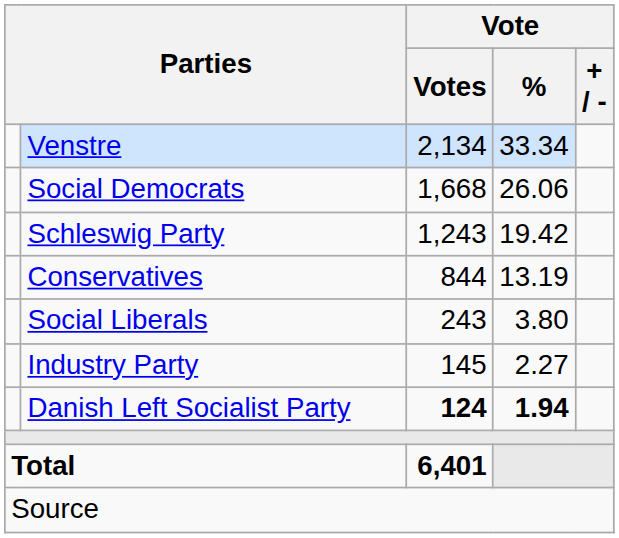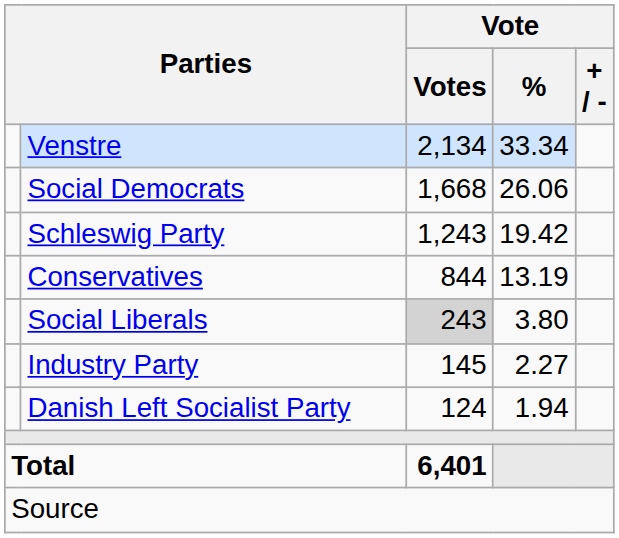 <table class="wikitable" style="text-align:right;">
 <tr>
 <th style="text-align:centre;" rowspan="2" colspan="2" width="225">Parties</th>
 <th colspan="3">Vote</th>
 </tr>
 <tr>
 <th width="15">Votes</th>
 <th width="15">%</th>
 <th width="15">+ / -</th>
 </tr>
 <tr>
 <td width="2" style="color:inherit;background:"></td>
 <td bgcolor=#cfe5fe  align="left"><a href='#'>Venstre</a></td>
 <td bgcolor=#cfe5fe>2,134</td>
 <td bgcolor=#cfe5fe>33.34</td>
 <td></td>
 </tr>
 <tr>
 <td width="2" style="color:inherit;background:"></td>
 <td align="left"><a href='#'>Social Democrats</a></td>
 <td>1,668</td>
 <td>26.06</td>
 <td></td>
 </tr>
 <tr>
 <td width="2" style="color:inherit;background:"></td>
 <td align="left"><a href='#'>Schleswig Party</a></td>
 <td>1,243</td>
 <td>19.42</td>
 <td></td>
 </tr>
 <tr>
 <td width="2" style="color:inherit;background:"></td>
 <td align="left"><a href='#'>Conservatives</a></td>
 <td>844</td>
 <td>13.19</td>
 <td></td>
 </tr>
 <tr>
 <td width="2" style="color:inherit;background:"></td>
 <td align="left"><a href='#'>Social Liberals</a></td>
-<td>243</td>
+<td style="background: lightgrey;">243</td>
 <td>3.80</td>
 <td></td>
 </tr>
 <tr>
 <td width="2" style="color:inherit;background:"></td>
 <td align="left"><a href='#'>Industry Party</a></td>
 <td>145</td>
 <td>2.27</td>
 <td></td>
 </tr>
 <tr>
 <td width="2" style="color:inherit;background:"></td>
 <td align="left"><a href='#'>Danish Left Socialist Party</a></td>
-<td><strong>124</strong></td>
-<td><strong>1.94</strong></td>
+<td>124</td>
+<td>1.94</td>
 <td></td>
 </tr>
 <tr>
 <td colspan="7" bgcolor="#E9E9E9"></td>
 </tr>
 <tr>
 <td align="left" colspan="2"><strong>Total</strong></td>
 <td><strong>6,401</strong></td>
 <td bgcolor="#E9E9E9" colspan="2"></td>
 </tr>
 <tr>
 <td align="left" colspan="6">Source</td>
 </tr>
 </table>
